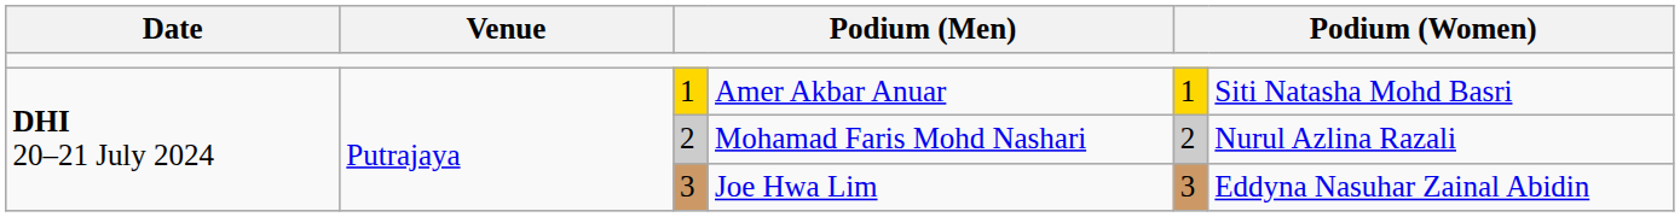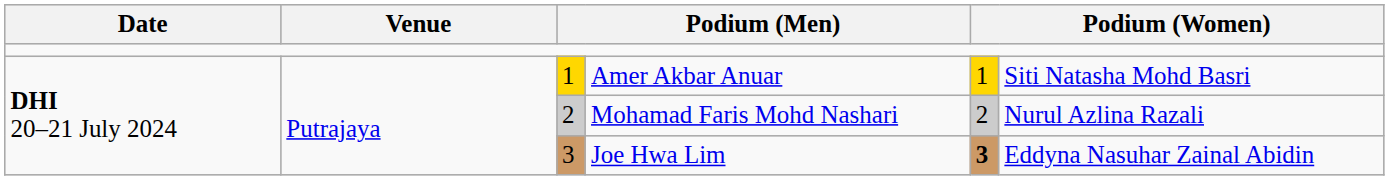 <table class="wikitable" width=70%>
 <tr>
 <th>Date</th>
 <th width=20%>Venue</th>
 <th colspan=2 width=30%>Podium (Men)</th>
 <th colspan=2 width=30%>Podium (Women)</th>
 </tr>
 <tr>
 <td colspan=6></td>
 </tr>
 <tr>
 <td rowspan=3><strong>DHI</strong> <br> 20–21 July 2024</td>
 <td rowspan=3><br><a href='#'>Putrajaya</a></td>
 <td bgcolor=FFD700>1</td>
 <td><a href='#'>Amer Akbar Anuar</a></td>
 <td bgcolor=FFD700>1</td>
 <td><a href='#'>Siti Natasha Mohd Basri</a></td>
 </tr>
 <tr>
 <td bgcolor=CCCCCC>2</td>
 <td><a href='#'>Mohamad Faris Mohd Nashari</a></td>
 <td bgcolor=CCCCCC>2</td>
 <td><a href='#'>Nurul Azlina Razali</a></td>
 </tr>
 <tr>
 <td bgcolor=CC9966>3</td>
 <td><a href='#'>Joe Hwa Lim</a></td>
-<td bgcolor=CC9966>3</td>
+<td bgcolor=CC9966><strong>3</strong></td>
 <td><a href='#'>Eddyna Nasuhar Zainal Abidin</a></td>
 </tr>
 </table>
